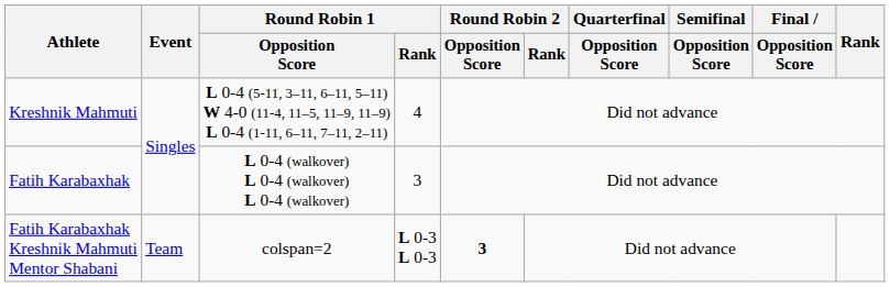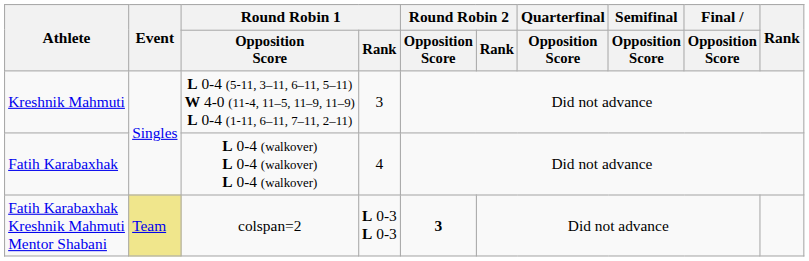 <table class=wikitable style="font-size:90%">
 <tr>
 <th rowspan=2>Athlete</th>
 <th rowspan=2>Event</th>
 <th colspan=2>Round Robin 1</th>
 <th colspan=2>Round Robin 2</th>
 <th>Quarterfinal</th>
 <th>Semifinal</th>
 <th>Final / </th>
 <th rowspan=2>Rank</th>
 </tr>
 <tr style="font-size:95%">
 <th>Opposition<br>Score</th>
 <th>Rank</th>
 <th>Opposition<br>Score</th>
 <th>Rank</th>
 <th>Opposition<br>Score</th>
 <th>Opposition<br>Score</th>
 <th>Opposition<br>Score</th>
 </tr>
 <tr align=center>
 <td align=left><a href='#'>Kreshnik Mahmuti</a></td>
 <td align=left rowspan=2><a href='#'>Singles</a></td>
 <td> <strong>L</strong> 0-4 <small>(5-11, 3–11, 6–11, 5–11)</small><br> <strong>W</strong> 4-0 <small>(11-4, 11–5, 11–9, 11–9)</small><br> <strong>L</strong> 0-4 <small>(1-11, 6–11, 7–11, 2–11)</small></td>
-<td>4</td>
+<td>3</td>
 <td colspan=6>Did not advance</td>
 </tr>
 <tr align=center>
 <td align=left><a href='#'>Fatih Karabaxhak</a></td>
 <td> <strong>L</strong> 0-4 <small>(walkover)</small><br> <strong>L</strong> 0-4 <small>(walkover)</small><br> <strong>L</strong> 0-4 <small>(walkover)</small></td>
-<td>3</td>
+<td>4</td>
 <td colspan=6>Did not advance</td>
 </tr>
 <tr align=center>
 <td align=left><a href='#'>Fatih Karabaxhak</a><br><a href='#'>Kreshnik Mahmuti</a><br><a href='#'>Mentor Shabani</a></td>
-<td align=left><a href='#'>Team</a></td>
+<td align=left style="background: khaki;"><a href='#'>Team</a></td>
 <td>colspan=2 </td>
 <td> <strong>L</strong> 0-3<br> <strong>L</strong> 0-3</td>
 <td><strong>3</strong></td>
 <td colspan=4>Did not advance</td>
 </tr>
 </table>
